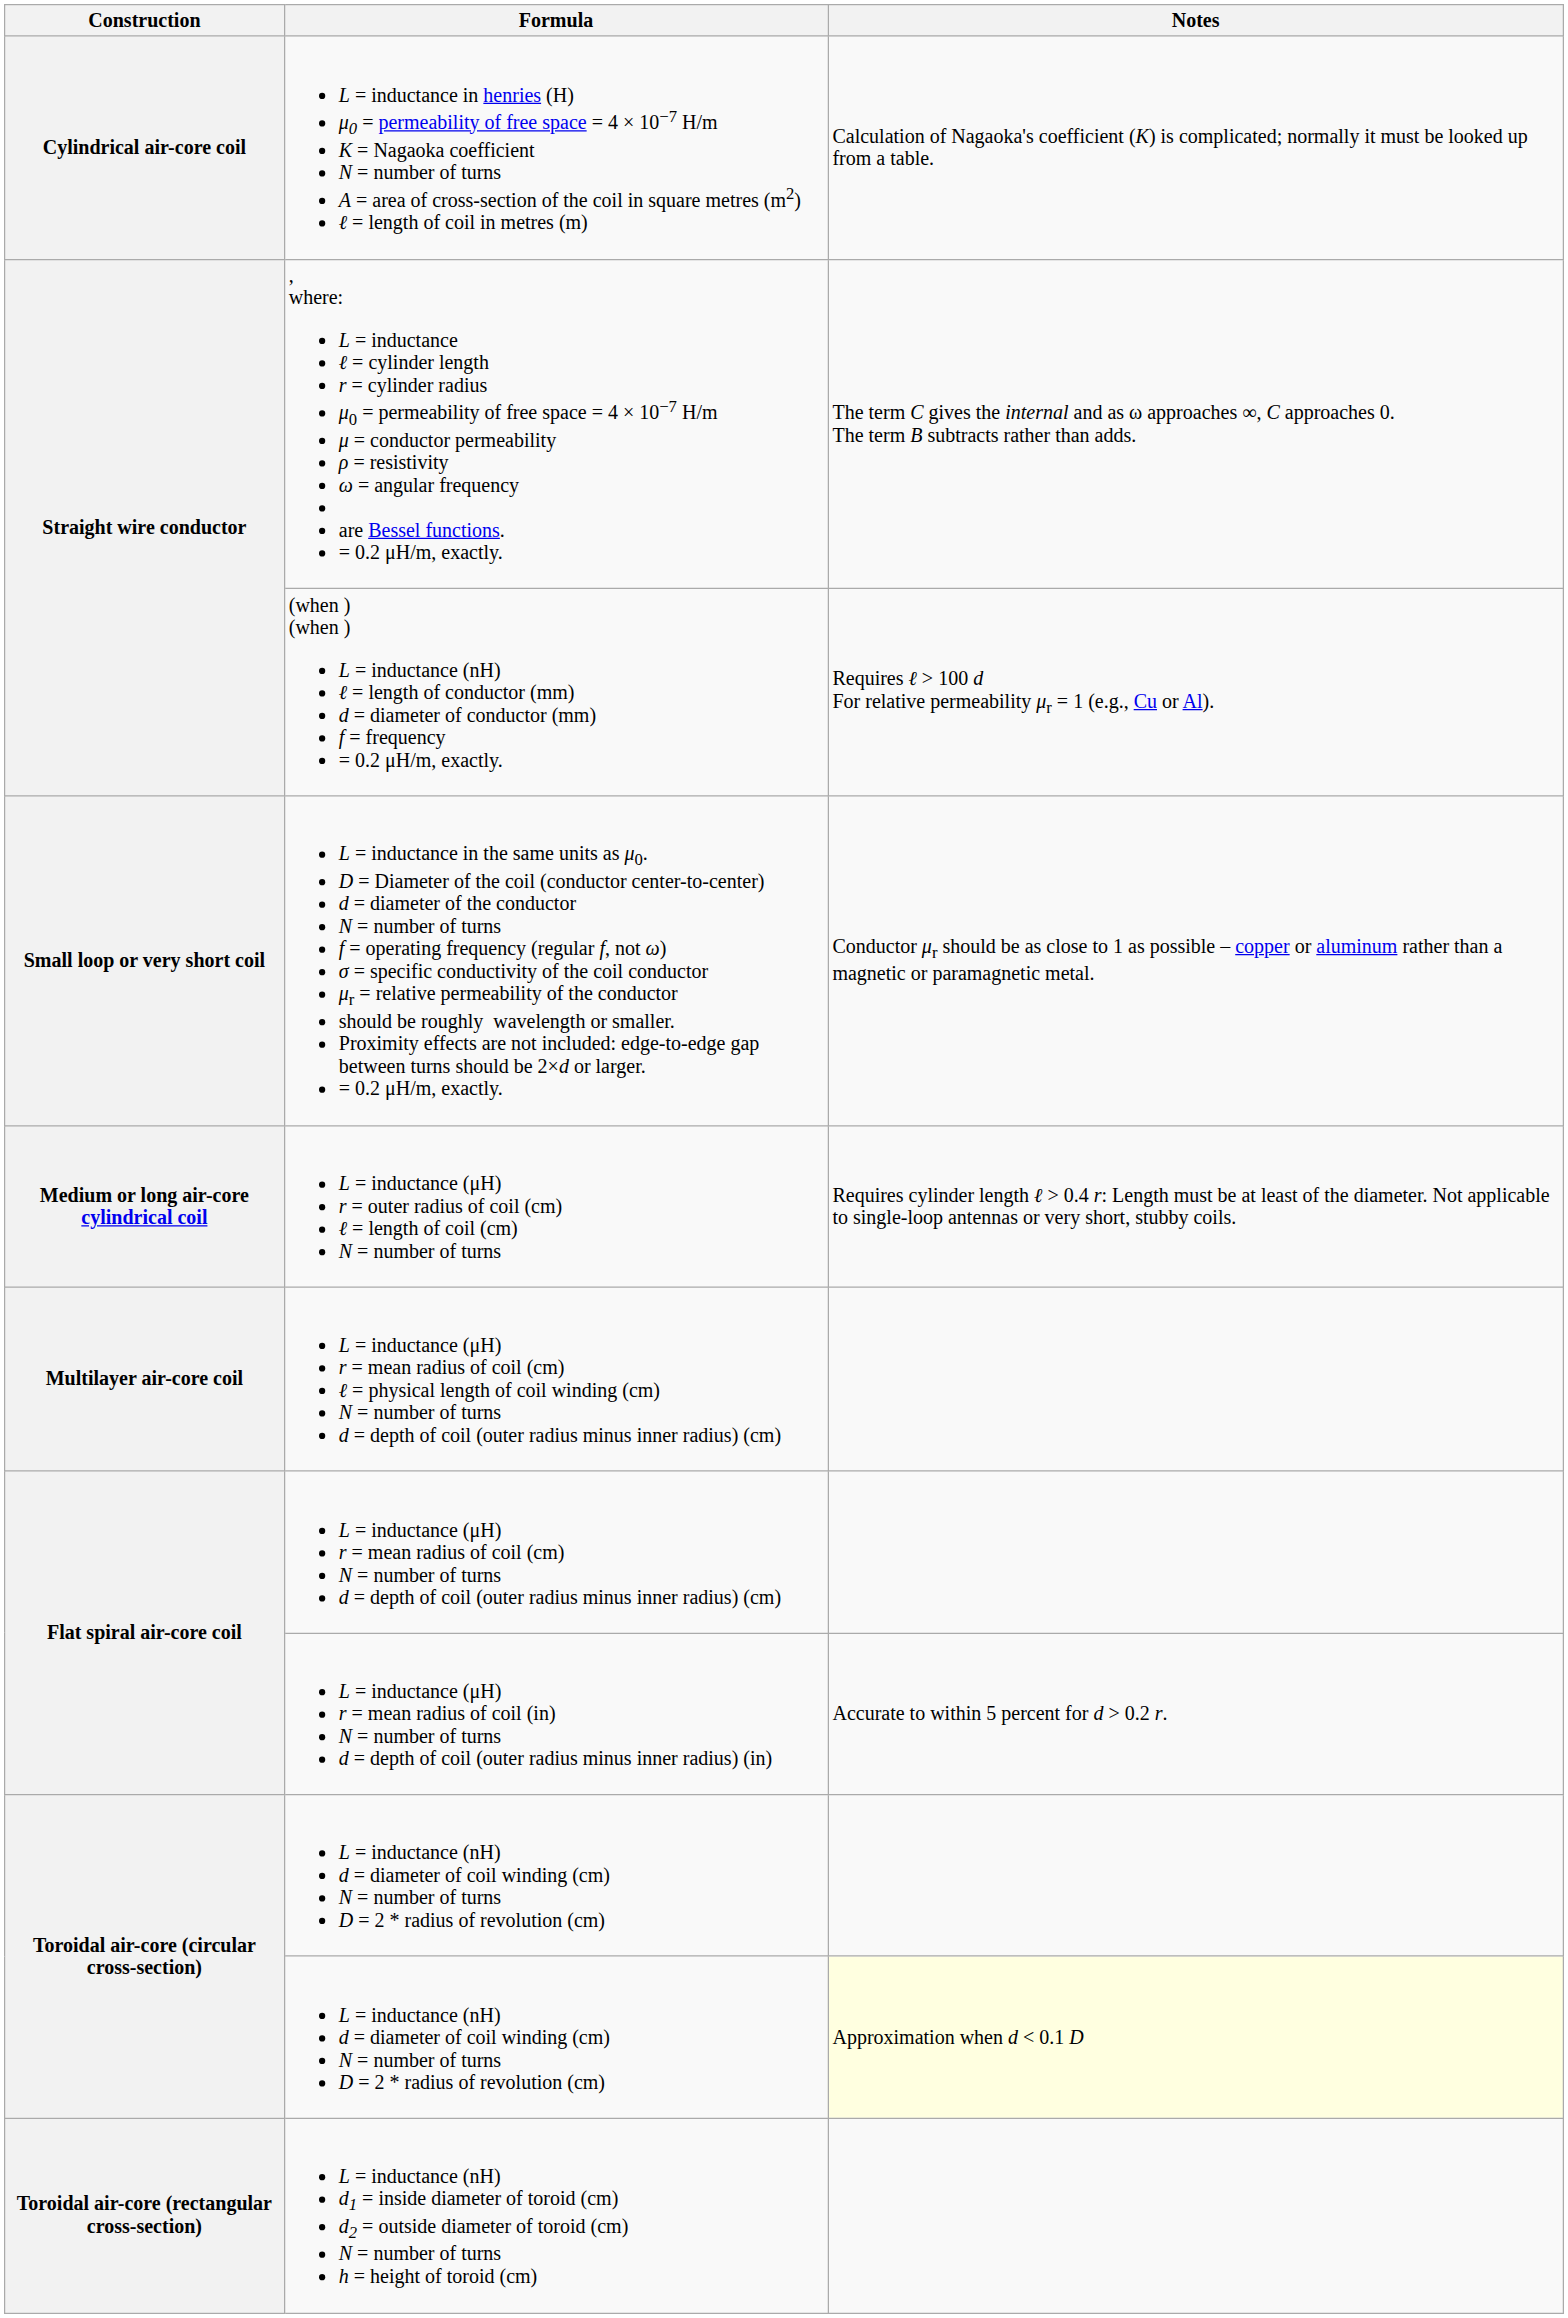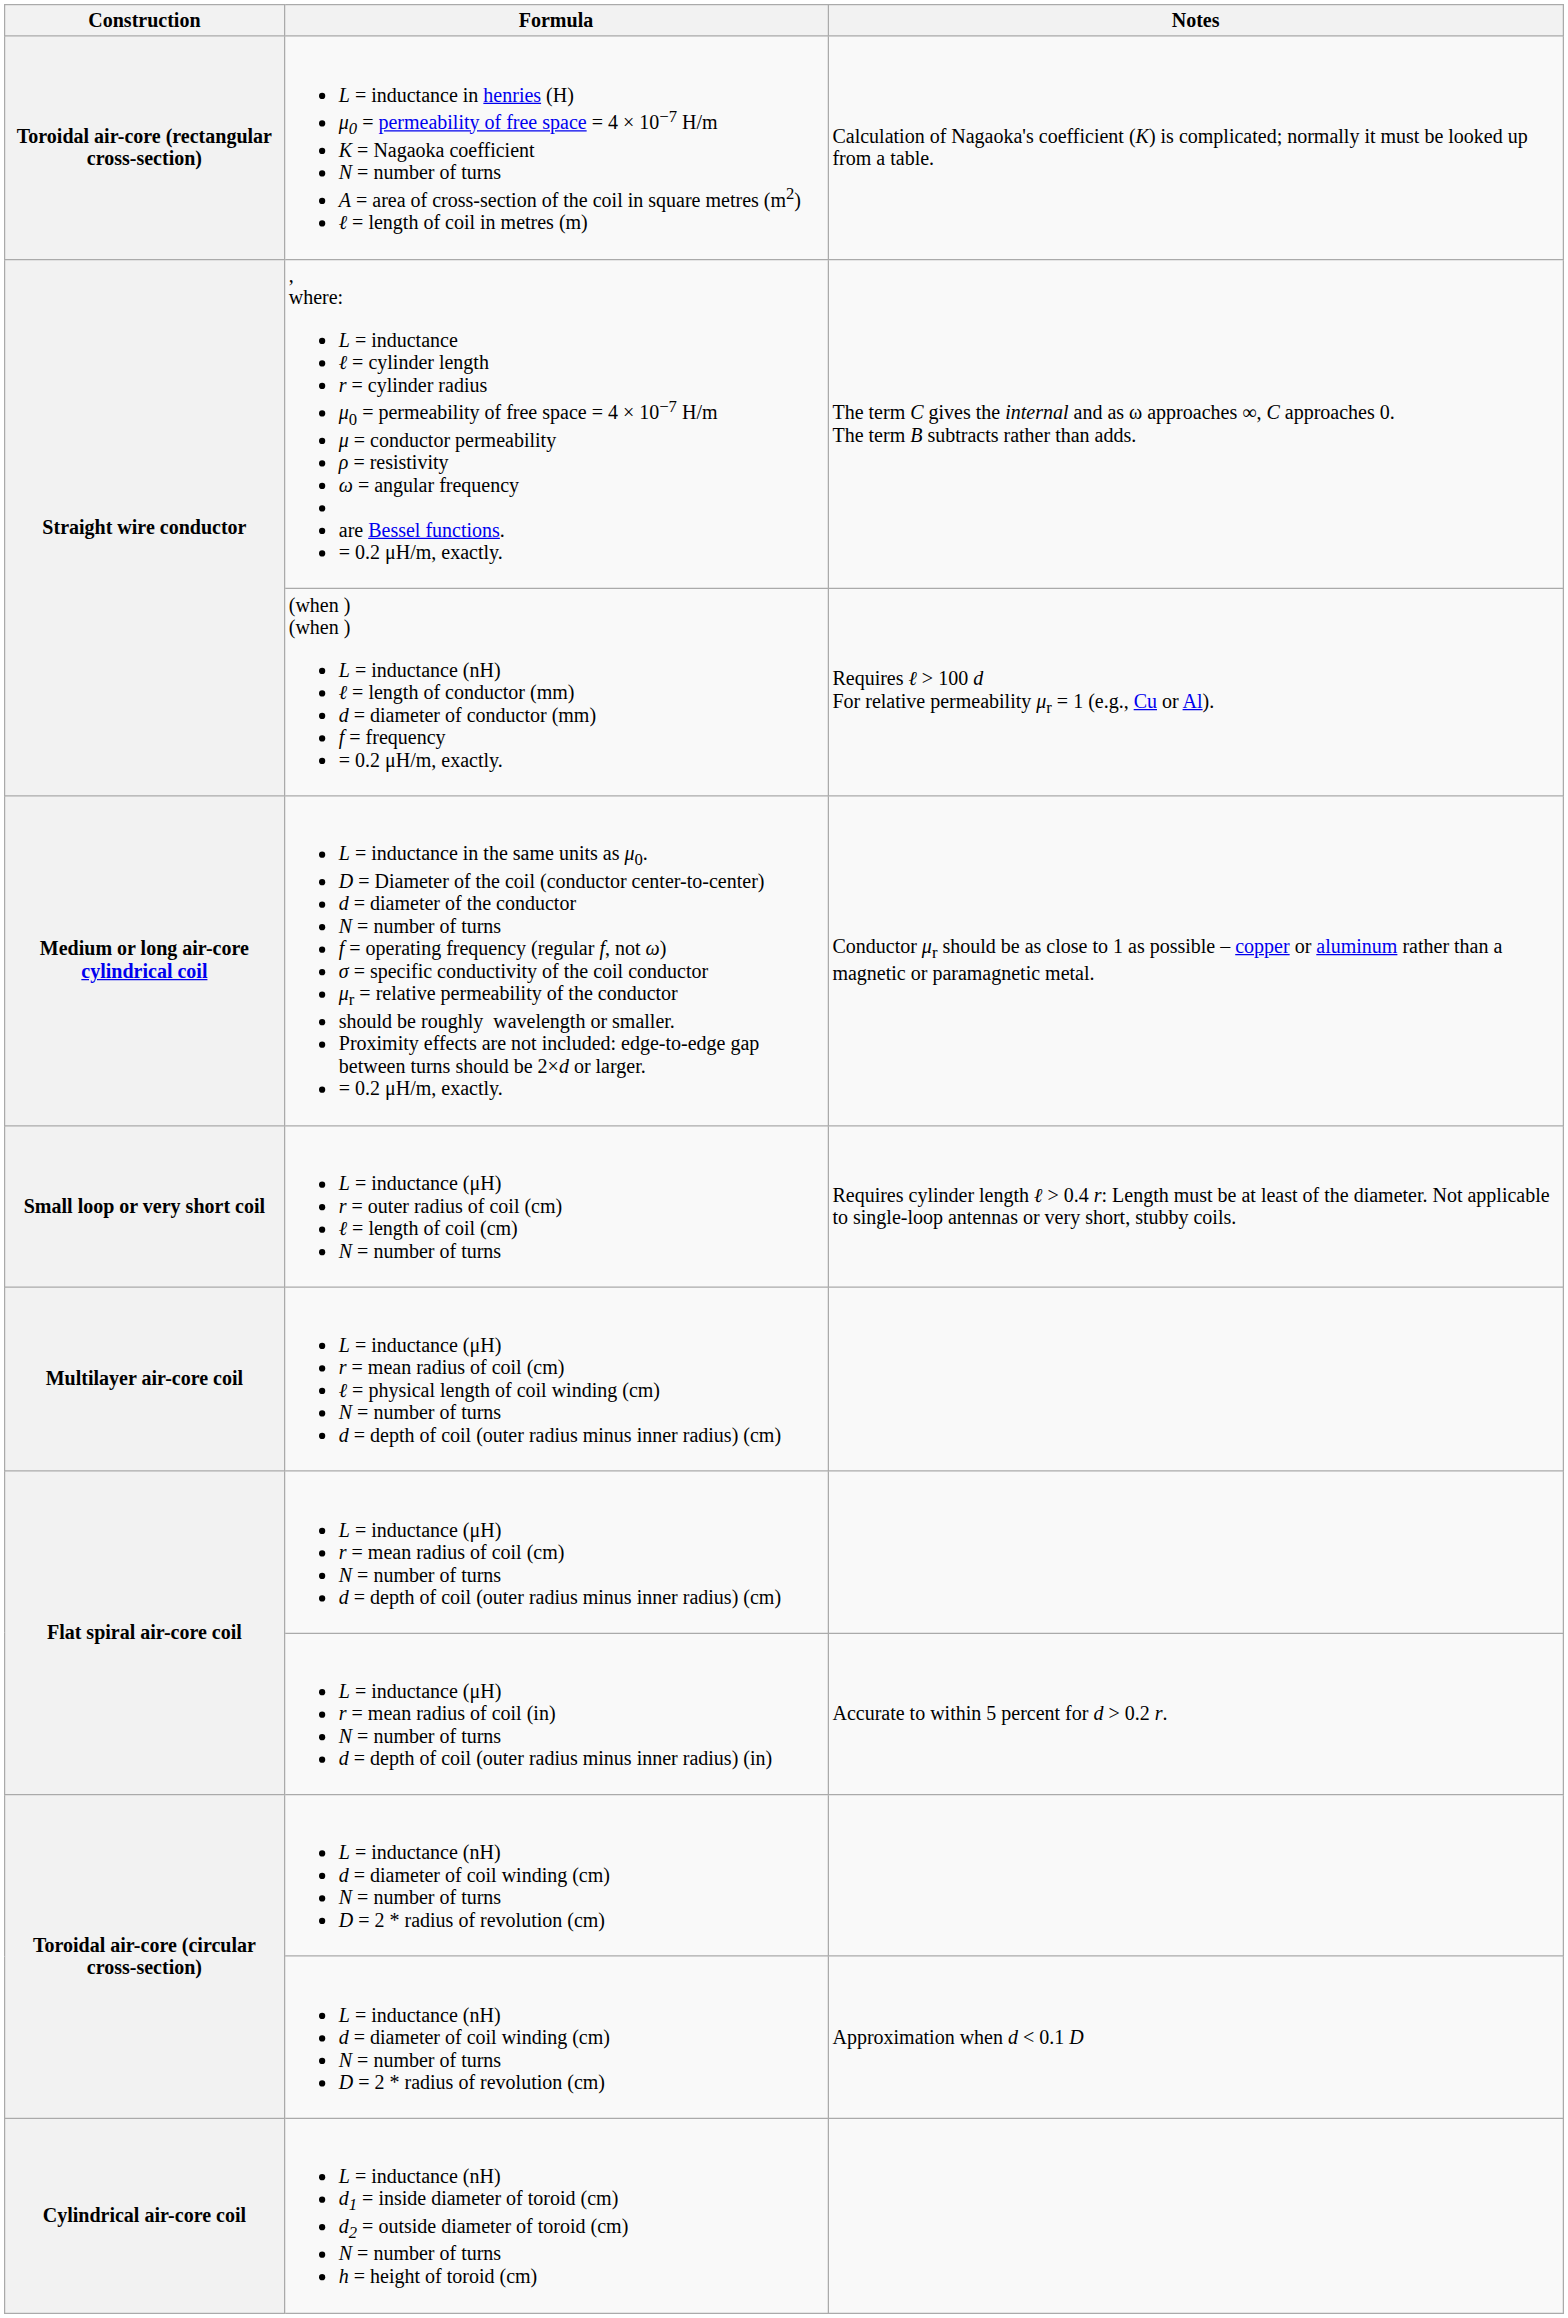 <table class="wikitable">
 <tr>
 <th>Construction</th>
 <th>Formula</th>
 <th>Notes</th>
 </tr>
 <tr>
-<th>Cylindrical air-core coil</th>
+<th>Toroidal air-core (rectangular cross-section)</th>
 <td><br><ul><li><em>L</em> = inductance in <a href='#'>henries</a> (H)</li><li><em>μ<sub>0</sub></em> = <a href='#'>permeability of free space</a> = 4<em></em> × 10<sup>−7</sup> H/m</li><li><em>K</em> = Nagaoka coefficient</li><li><em>N</em> = number of turns</li><li><em>A</em> = area of cross-section of the coil in square metres (m<sup>2</sup>)</li><li><em>ℓ</em> = length of coil in metres (m)</li></ul></td>
 <td> Calculation of Nagaoka's coefficient (<em>K</em>) is complicated; normally it must be looked up from a table.</td>
 </tr>
 <tr>
 <th rowspan="2">Straight wire conductor</th>
 <td>,<br>where:<ul><li><em>L</em> = inductance</li><li><em>ℓ</em> = cylinder length</li><li><em>r</em> = cylinder radius</li><li><em>μ</em><sub>0</sub> = permeability of free space = 4<em></em> × 10<sup>−7</sup> H/m</li><li><em>μ</em> = conductor permeability</li><li><em>ρ</em> = resistivity</li><li><em>ω</em> = angular frequency</li><li></li><li> are <a href='#'>Bessel functions</a>.</li><li> = 0.2 μH/m, exactly.</li></ul></td>
 <td>The term <em>C</em> gives the <em>internal</em> and as ω approaches ∞, <em>C</em> approaches 0.<br>The term <em>B</em> subtracts rather than adds.</td>
 </tr>
 <tr>
 <td> (when )<br> (when )<ul><li><em>L</em> = inductance (nH)</li><li><em>ℓ</em> = length of conductor (mm)</li><li><em>d</em> = diameter of conductor (mm)</li><li><em>f</em> = frequency</li><li> = 0.2 μH/m, exactly.</li></ul></td>
 <td>Requires <em>ℓ</em> > 100 <em>d</em><br>For relative permeability <em>μ</em><sub>r</sub> = 1 (e.g., <a href='#'>Cu</a> or <a href='#'>Al</a>).</td>
 </tr>
 <tr>
-<th>Small loop or very short coil</th>
+<th>Medium or long air-core <a href='#'>cylindrical coil</a></th>
 <td><br><ul><li><em>L</em> = inductance in the same units as <em>μ</em><sub>0</sub>.</li><li><em>D</em> = Diameter of the coil (conductor center-to-center)</li><li><em>d</em> = diameter of the conductor</li><li><em>N</em> = number of turns</li><li><em>f</em> = operating frequency (regular <em>f</em>, not <em>ω</em>)</li><li><em>σ</em> = specific conductivity of the coil conductor</li><li><em>μ</em><sub>r</sub> = relative permeability of the conductor</li><li> should be roughly  wavelength or smaller.</li><li>Proximity effects are not included: edge-to-edge gap between turns should be 2×<em>d</em> or larger.</li><li> = 0.2 μH/m, exactly.</li></ul></td>
 <td>Conductor <em>μ</em><sub>r</sub> should be as close to 1 as possible – <a href='#'>copper</a> or <a href='#'>aluminum</a> rather than a magnetic or paramagnetic metal.</td>
 </tr>
 <tr>
-<th>Medium or long air-core <a href='#'>cylindrical coil</a></th>
+<th>Small loop or very short coil</th>
 <td><br><ul><li><em>L</em> = inductance (μH)</li><li><em>r</em> = outer radius of coil (cm)</li><li><em>ℓ</em> = length of coil (cm)</li><li><em>N</em> = number of turns</li></ul></td>
 <td>Requires cylinder length <em>ℓ</em> > 0.4 <em>r</em>: Length must be at least  of the diameter. Not applicable to single-loop antennas or very short, stubby coils.</td>
 </tr>
 <tr>
 <th>Multilayer air-core coil</th>
 <td><br><ul><li><em>L</em> = inductance (μH)</li><li><em>r</em> = mean radius of coil (cm)</li><li><em>ℓ</em> = physical length of coil winding (cm)</li><li><em>N</em> = number of turns</li><li><em>d</em> = depth of coil (outer radius minus inner radius) (cm)</li></ul></td>
 <td></td>
 </tr>
 <tr>
 <th rowspan="2">Flat spiral air-core coil</th>
 <td><br><ul><li><em>L</em> = inductance (μH)</li><li><em>r</em> = mean radius of coil (cm)</li><li><em>N</em> = number of turns</li><li><em>d</em> = depth of coil (outer radius minus inner radius) (cm)</li></ul></td>
 <td></td>
 </tr>
 <tr>
 <td><br><ul><li><em>L</em> = inductance (μH)</li><li><em>r</em> = mean radius of coil (in)</li><li><em>N</em> = number of turns</li><li><em>d</em> = depth of coil (outer radius minus inner radius) (in)</li></ul></td>
 <td>Accurate to within 5 percent for <em>d</em> > 0.2 <em>r</em>.</td>
 </tr>
 <tr>
 <th rowspan="2">Toroidal air-core (circular cross-section)</th>
 <td><br><ul><li><em>L</em> = inductance (nH)</li><li><em>d</em> = diameter of coil winding (cm)</li><li><em>N</em> = number of turns</li><li><em>D</em> = 2 * radius of revolution (cm)</li></ul></td>
 <td></td>
 </tr>
 <tr>
 <td><br><ul><li><em>L</em> = inductance (nH)</li><li><em>d</em> = diameter of coil winding (cm)</li><li><em>N</em> = number of turns</li><li><em>D</em> = 2 * radius of revolution (cm)</li></ul></td>
-<td style="background: lightyellow;">Approximation when <em>d</em> < 0.1 <em>D</em></td>
+<td>Approximation when <em>d</em> < 0.1 <em>D</em></td>
 </tr>
 <tr>
-<th>Toroidal air-core (rectangular cross-section)</th>
+<th>Cylindrical air-core coil</th>
 <td><br><ul><li><em>L</em> = inductance (nH)</li><li><em>d<sub>1</sub></em> = inside diameter of toroid (cm)</li><li><em>d<sub>2</sub></em> = outside diameter of toroid (cm)</li><li><em>N</em> = number of turns</li><li><em>h</em> = height of toroid (cm)</li></ul></td>
 <td></td>
 </tr>
 </table>
